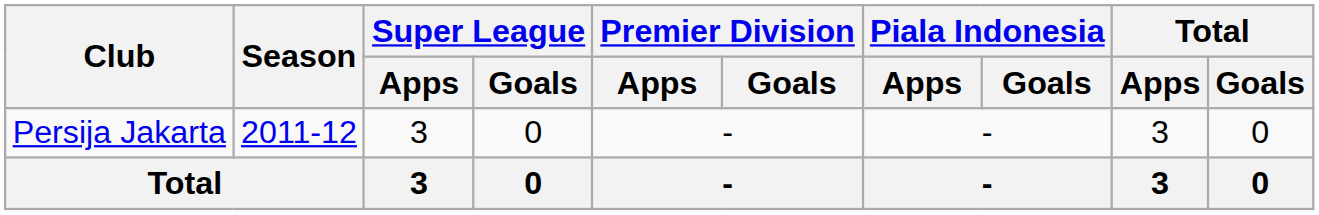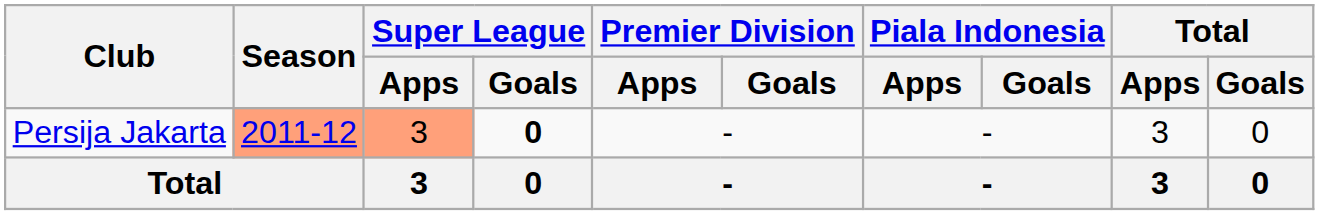 <table class="wikitable" style="font-size:90%; text-align:center;">
 <tr>
 <th rowspan="2">Club</th>
 <th rowspan="2">Season</th>
 <th colspan="2"><a href='#'>Super League</a></th>
 <th colspan="2"><a href='#'>Premier Division</a></th>
 <th colspan="2"><a href='#'>Piala Indonesia</a></th>
 <th colspan="2">Total</th>
 </tr>
 <tr>
 <th>Apps</th>
 <th>Goals</th>
 <th>Apps</th>
 <th>Goals</th>
 <th>Apps</th>
 <th>Goals</th>
 <th>Apps</th>
 <th>Goals</th>
 </tr>
 <tr>
 <td rowspan="1"><a href='#'>Persija Jakarta</a></td>
-<td><a href='#'>2011-12</a></td>
-<td>3</td>
-<td>0</td>
+<td style="background: lightsalmon;"><a href='#'>2011-12</a></td>
+<td style="background: lightsalmon;">3</td>
+<td><strong>0</strong></td>
 <td colspan="2">-</td>
 <td colspan="2">-</td>
 <td>3</td>
 <td>0</td>
 </tr>
 <tr>
 <th colspan="2">Total</th>
 <th>3</th>
 <th>0</th>
 <th colspan="2">-</th>
 <th colspan="2">-</th>
 <th>3</th>
 <th>0</th>
 </tr>
 </table>
